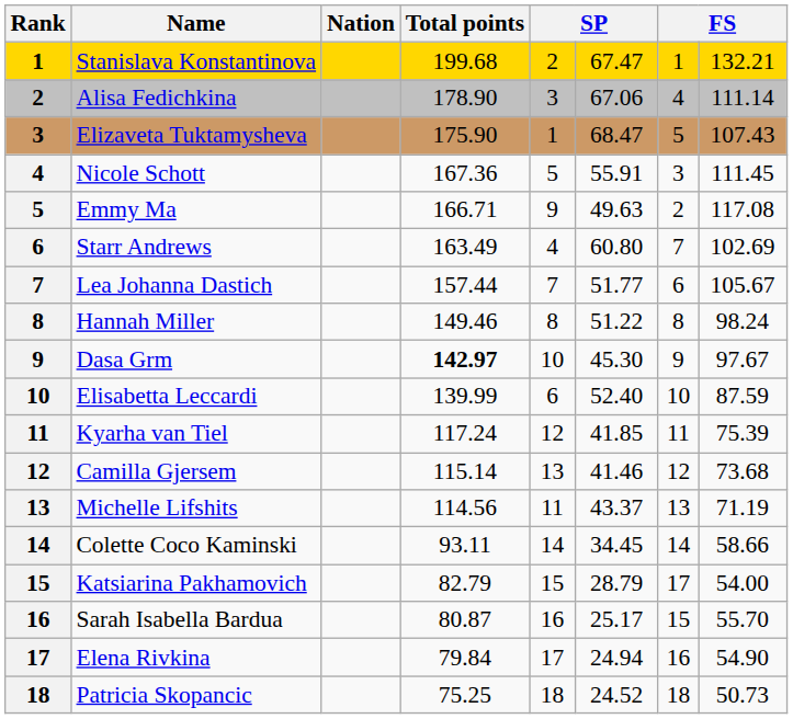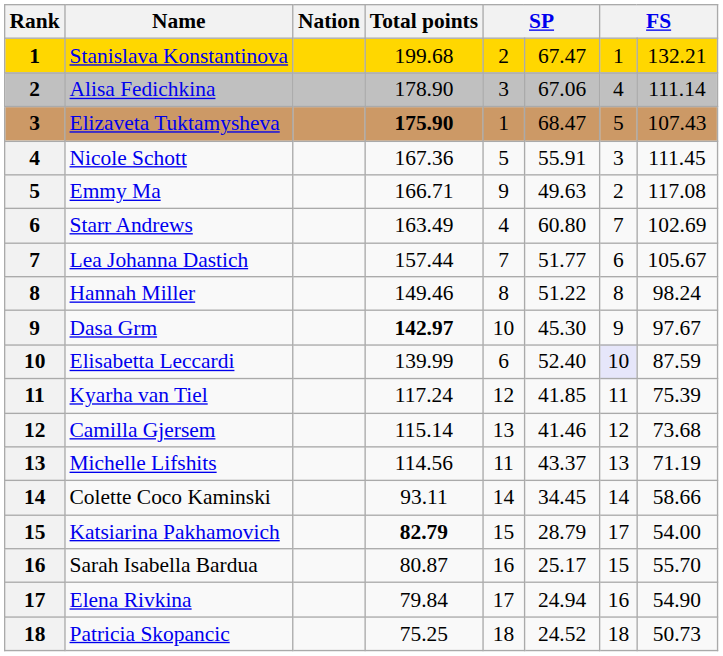 <table class="wikitable sortable">
 <tr>
 <th>Rank</th>
 <th>Name</th>
 <th>Nation</th>
 <th>Total points</th>
 <th colspan="2" width="80px"><a href='#'>SP</a></th>
 <th colspan="2" width="80px"><a href='#'>FS</a></th>
 </tr>
 <tr bgcolor="gold">
 <td align="center"><strong>1</strong></td>
 <td><a href='#'>Stanislava Konstantinova</a></td>
 <td></td>
 <td align="center">199.68</td>
 <td align="center">2</td>
 <td align="center">67.47</td>
 <td align="center">1</td>
 <td align="center">132.21</td>
 </tr>
 <tr bgcolor="silver">
 <td align="center"><strong>2</strong></td>
 <td><a href='#'>Alisa Fedichkina</a></td>
 <td></td>
 <td align="center">178.90</td>
 <td align="center">3</td>
 <td align="center">67.06</td>
 <td align="center">4</td>
 <td align="center">111.14</td>
 </tr>
 <tr bgcolor="cc9966">
 <td align="center"><strong>3</strong></td>
 <td><a href='#'>Elizaveta Tuktamysheva</a></td>
 <td></td>
-<td align="center">175.90</td>
+<td align="center"><strong>175.90</strong></td>
 <td align="center">1</td>
 <td align="center">68.47</td>
 <td align="center">5</td>
 <td align="center">107.43</td>
 </tr>
 <tr>
 <th>4</th>
 <td><a href='#'>Nicole Schott</a></td>
 <td></td>
 <td align="center">167.36</td>
 <td align="center">5</td>
 <td align="center">55.91</td>
 <td align="center">3</td>
 <td align="center">111.45</td>
 </tr>
 <tr>
 <th>5</th>
 <td><a href='#'>Emmy Ma</a></td>
 <td></td>
 <td align="center">166.71</td>
 <td align="center">9</td>
 <td align="center">49.63</td>
 <td align="center">2</td>
 <td align="center">117.08</td>
 </tr>
 <tr>
 <th>6</th>
 <td><a href='#'>Starr Andrews</a></td>
 <td></td>
 <td align="center">163.49</td>
 <td align="center">4</td>
 <td align="center">60.80</td>
 <td align="center">7</td>
 <td align="center">102.69</td>
 </tr>
 <tr>
 <th>7</th>
 <td><a href='#'>Lea Johanna Dastich</a></td>
 <td></td>
 <td align="center">157.44</td>
 <td align="center">7</td>
 <td align="center">51.77</td>
 <td align="center">6</td>
 <td align="center">105.67</td>
 </tr>
 <tr>
 <th>8</th>
 <td><a href='#'>Hannah Miller</a></td>
 <td></td>
 <td align="center">149.46</td>
 <td align="center">8</td>
 <td align="center">51.22</td>
 <td align="center">8</td>
 <td align="center">98.24</td>
 </tr>
 <tr>
 <th>9</th>
 <td><a href='#'>Dasa Grm</a></td>
 <td></td>
 <td align="center"><strong>142.97</strong></td>
 <td align="center">10</td>
 <td align="center">45.30</td>
 <td align="center">9</td>
 <td align="center">97.67</td>
 </tr>
 <tr>
 <th>10</th>
 <td><a href='#'>Elisabetta Leccardi</a></td>
 <td></td>
 <td align="center">139.99</td>
 <td align="center">6</td>
 <td align="center">52.40</td>
-<td align="center">10</td>
+<td align="center" style="background: lavender;">10</td>
 <td align="center">87.59</td>
 </tr>
 <tr>
 <th>11</th>
 <td><a href='#'>Kyarha van Tiel</a></td>
 <td></td>
 <td align="center">117.24</td>
 <td align="center">12</td>
 <td align="center">41.85</td>
 <td align="center">11</td>
 <td align="center">75.39</td>
 </tr>
 <tr>
 <th>12</th>
 <td><a href='#'>Camilla Gjersem</a></td>
 <td></td>
 <td align="center">115.14</td>
 <td align="center">13</td>
 <td align="center">41.46</td>
 <td align="center">12</td>
 <td align="center">73.68</td>
 </tr>
 <tr>
 <th>13</th>
 <td><a href='#'>Michelle Lifshits</a></td>
 <td></td>
 <td align="center">114.56</td>
 <td align="center">11</td>
 <td align="center">43.37</td>
 <td align="center">13</td>
 <td align="center">71.19</td>
 </tr>
 <tr>
 <th>14</th>
 <td>Colette Coco Kaminski</td>
 <td></td>
 <td align="center">93.11</td>
 <td align="center">14</td>
 <td align="center">34.45</td>
 <td align="center">14</td>
 <td align="center">58.66</td>
 </tr>
 <tr>
 <th>15</th>
 <td><a href='#'>Katsiarina Pakhamovich</a></td>
 <td></td>
-<td align="center">82.79</td>
+<td align="center"><strong>82.79</strong></td>
 <td align="center">15</td>
 <td align="center">28.79</td>
 <td align="center">17</td>
 <td align="center">54.00</td>
 </tr>
 <tr>
 <th>16</th>
 <td>Sarah Isabella Bardua</td>
 <td></td>
 <td align="center">80.87</td>
 <td align="center">16</td>
 <td align="center">25.17</td>
 <td align="center">15</td>
 <td align="center">55.70</td>
 </tr>
 <tr>
 <th>17</th>
 <td><a href='#'>Elena Rivkina</a></td>
 <td></td>
 <td align="center">79.84</td>
 <td align="center">17</td>
 <td align="center">24.94</td>
 <td align="center">16</td>
 <td align="center">54.90</td>
 </tr>
 <tr>
 <th>18</th>
 <td><a href='#'>Patricia Skopancic</a></td>
 <td></td>
 <td align="center">75.25</td>
 <td align="center">18</td>
 <td align="center">24.52</td>
 <td align="center">18</td>
 <td align="center">50.73</td>
 </tr>
 </table>
